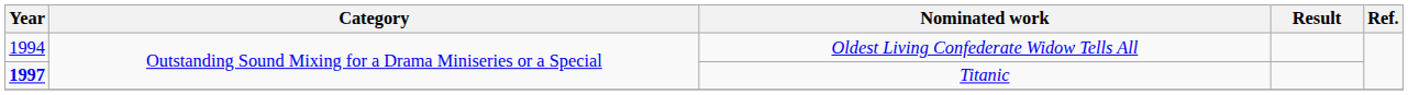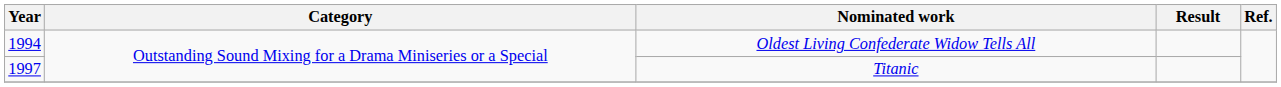 <table class="wikitable sortable plainrowheaders" style="text-align:center;">
 <tr>
 <th scope="col" style="width:1em;">Year</th>
 <th scope="col" style="width:40em;">Category</th>
 <th scope="col" style="width:35em;">Nominated work</th>
 <th scope="col" style="width:5em;">Result</th>
 <th scope="col" style="width:1em;">Ref.</th>
 </tr>
 <tr>
 <td><a href='#'>1994</a></td>
 <td rowspan="2"><a href='#'>Outstanding Sound Mixing for a Drama Miniseries or a Special</a></td>
 <td><em><a href='#'>Oldest Living Confederate Widow Tells All</a></em></td>
 <td></td>
 <td rowspan="2"></td>
 </tr>
 <tr>
-<td><strong><a href='#'>1997</a></strong></td>
+<td><a href='#'>1997</a></td>
 <td><em><a href='#'>Titanic</a></em></td>
 <td></td>
 </tr>
 <tr>
 </tr>
 </table>
